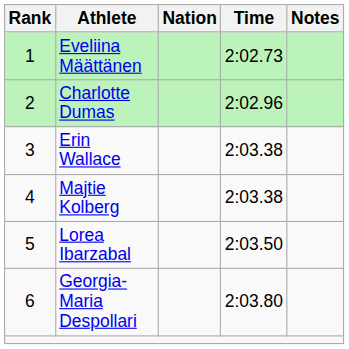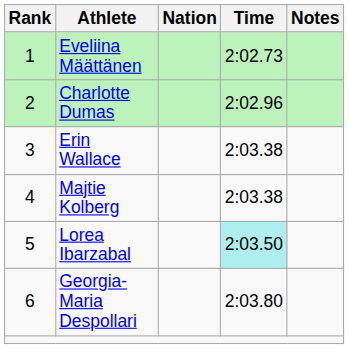 <table class="wikitable sortable" style="text-align:center;width: 50%;">
 <tr>
 <th scope="col" style="width: 10px;">Rank</th>
 <th scope="col">Athlete</th>
 <th scope="col">Nation</th>
 <th scope="col">Time</th>
 <th scope="col">Notes</th>
 </tr>
 <tr bgcolor=bbf3bb>
 <td>1</td>
 <td align=left><a href='#'>Eveliina Määttänen</a></td>
 <td align=left></td>
 <td>2:02.73</td>
 <td></td>
 </tr>
 <tr bgcolor=bbf3bb>
 <td>2</td>
 <td align=left><a href='#'>Charlotte Dumas</a></td>
 <td align=left></td>
 <td>2:02.96</td>
 <td></td>
 </tr>
 <tr>
 <td>3</td>
 <td align=left><a href='#'>Erin Wallace</a></td>
 <td align=left></td>
 <td>2:03.38</td>
 <td></td>
 </tr>
 <tr>
 <td>4</td>
 <td align=left><a href='#'>Majtie Kolberg</a></td>
 <td align=left></td>
 <td>2:03.38</td>
 <td></td>
 </tr>
 <tr>
 <td>5</td>
 <td align=left><a href='#'>Lorea Ibarzabal</a></td>
 <td align=left></td>
-<td>2:03.50</td>
+<td style="background: paleturquoise;">2:03.50</td>
 <td></td>
 </tr>
 <tr>
 <td>6</td>
 <td align=left><a href='#'>Georgia-Maria Despollari</a></td>
 <td align=left></td>
 <td>2:03.80</td>
 <td></td>
 </tr>
 <tr class="sortbottom">
 <td colspan="5"></td>
 </tr>
 </table>
